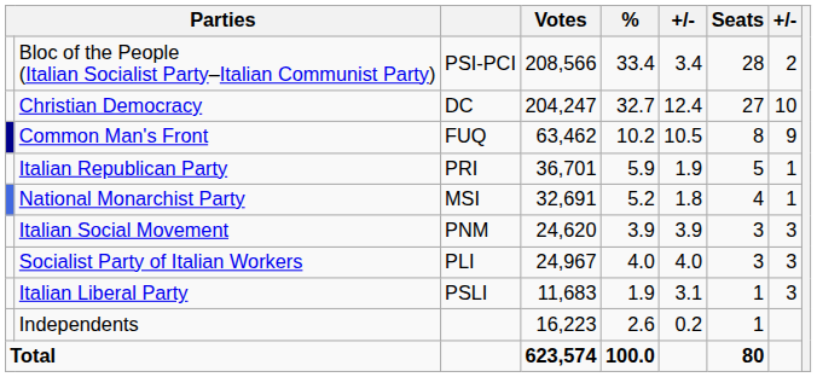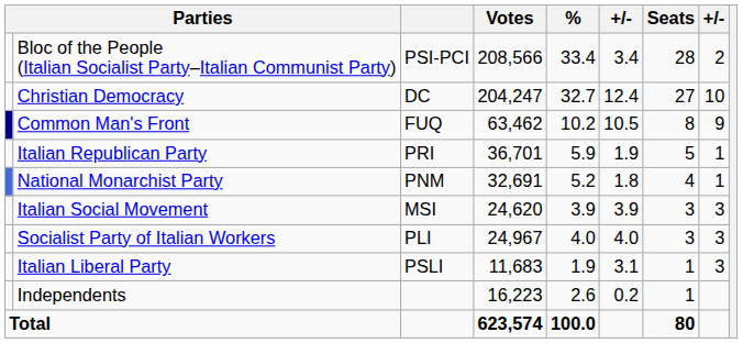 <table class="wikitable">
 <tr>
 <th colspan="2">Parties</th>
 <th></th>
 <th>Votes</th>
 <th>%</th>
 <th>+/-</th>
 <th>Seats</th>
 <th>+/-</th>
 <th rowspan="11"></th>
 </tr>
 <tr>
 <td style="background-color:"></td>
 <td>Bloc of the People<br>(<a href='#'>Italian Socialist Party</a>–<a href='#'>Italian Communist Party</a>)</td>
 <td>PSI-PCI</td>
 <td align=right>208,566</td>
 <td align=right>33.4</td>
 <td align=right> 3.4</td>
 <td align=right>28</td>
 <td align=right> 2</td>
 </tr>
 <tr>
 <td style="background-color:"></td>
 <td><a href='#'>Christian Democracy</a></td>
 <td>DC</td>
 <td align=right>204,247</td>
 <td align=right>32.7</td>
 <td align=right> 12.4</td>
 <td align=right>27</td>
 <td align=right> 10</td>
 </tr>
 <tr>
 <td style="background-color:#00008B"></td>
 <td><a href='#'>Common Man's Front</a></td>
 <td>FUQ</td>
 <td align=right>63,462</td>
 <td align=right>10.2</td>
 <td align=right> 10.5</td>
 <td align=right>8</td>
 <td align=right> 9</td>
 </tr>
 <tr>
 <td style="background-color:"></td>
 <td><a href='#'>Italian Republican Party</a></td>
 <td>PRI</td>
 <td align=right>36,701</td>
 <td align=right>5.9</td>
 <td align=right> 1.9</td>
 <td align=right>5</td>
 <td align=right> 1</td>
 </tr>
 <tr>
 <td style="background-color:royalblue"></td>
 <td><a href='#'>National Monarchist Party</a></td>
-<td>MSI</td>
+<td>PNM</td>
 <td align=right>32,691</td>
 <td align=right>5.2</td>
 <td align=right> 1.8</td>
 <td align=right>4</td>
 <td align=right> 1</td>
 </tr>
 <tr>
 <td style="background-color:"></td>
 <td><a href='#'>Italian Social Movement</a></td>
-<td>PNM</td>
+<td>MSI</td>
 <td align=right>24,620</td>
 <td align=right>3.9</td>
 <td align=right> 3.9</td>
 <td align=right>3</td>
 <td align=right> 3</td>
 </tr>
 <tr>
 <td style="background-color:"></td>
 <td><a href='#'>Socialist Party of Italian Workers</a></td>
 <td>PLI</td>
 <td align=right>24,967</td>
 <td align=right>4.0</td>
 <td align=right> 4.0</td>
 <td align=right>3</td>
 <td align=right> 3</td>
 </tr>
 <tr>
 <td style="background-color:"></td>
 <td><a href='#'>Italian Liberal Party</a></td>
 <td>PSLI</td>
 <td align=right>11,683</td>
 <td align=right>1.9</td>
 <td align=right> 3.1</td>
 <td align=right>1</td>
 <td align=right> 3</td>
 </tr>
 <tr>
 <td style="background-color:"></td>
 <td>Independents</td>
 <td></td>
 <td align=right>16,223</td>
 <td align=right>2.6</td>
 <td align=right> 0.2</td>
 <td align=right>1</td>
 <td align=right></td>
 </tr>
 <tr>
 <td colspan="2"><strong>Total</strong></td>
 <td></td>
 <td align=right><strong>623,574</strong></td>
 <td align=right><strong>100.0</strong></td>
 <td></td>
 <td align=right><strong>80</strong></td>
 <td></td>
 </tr>
 </table>
